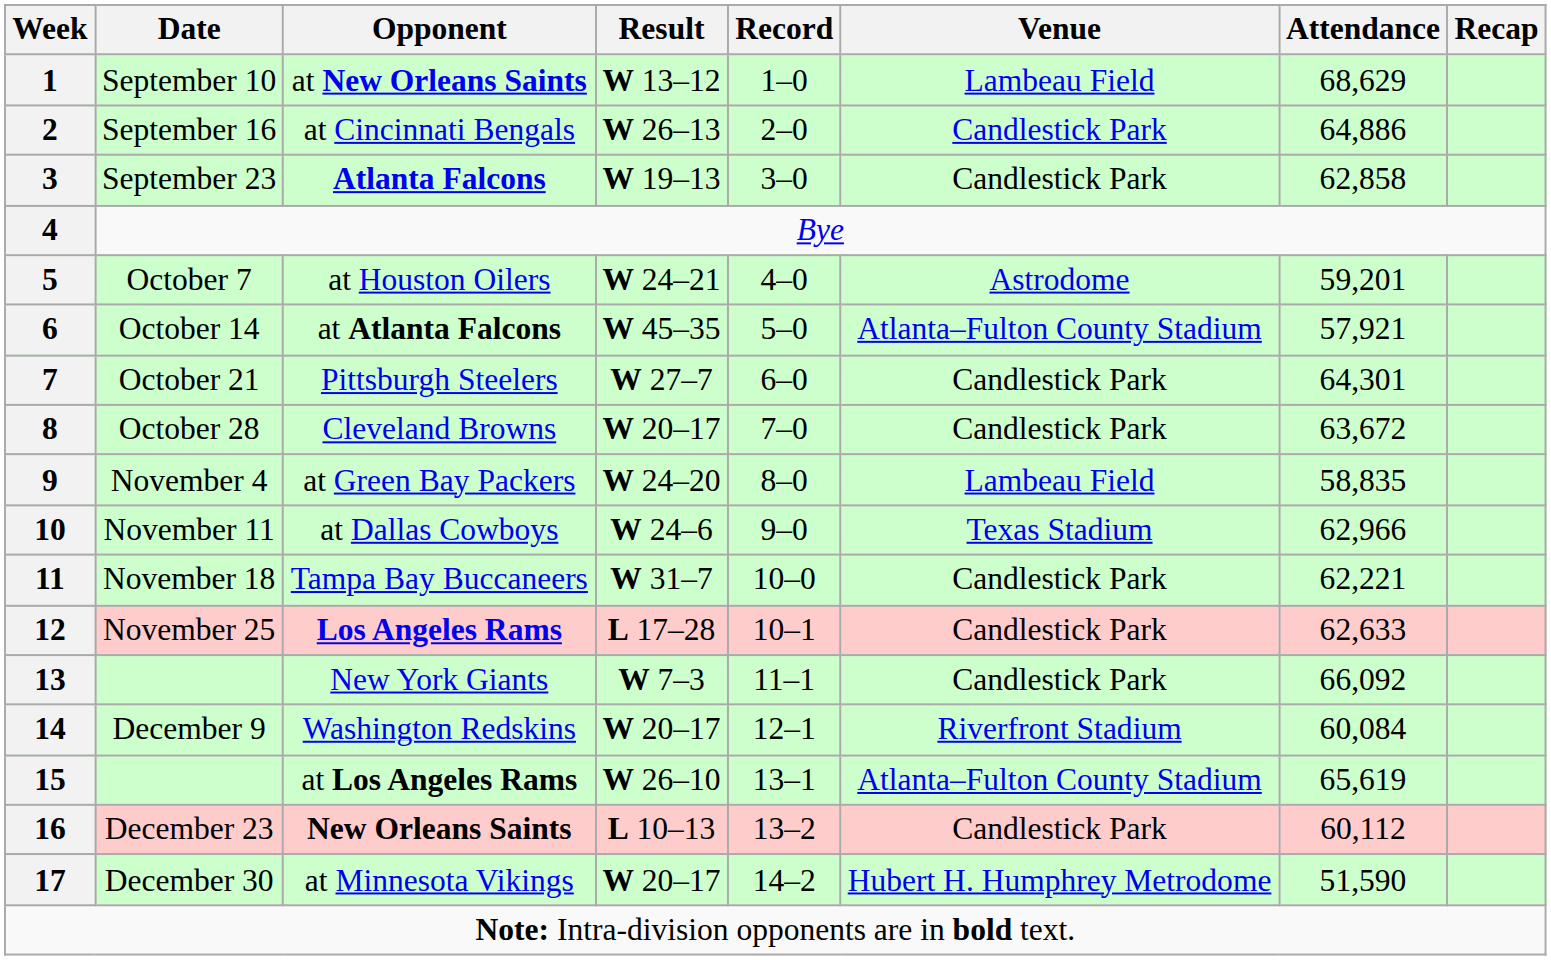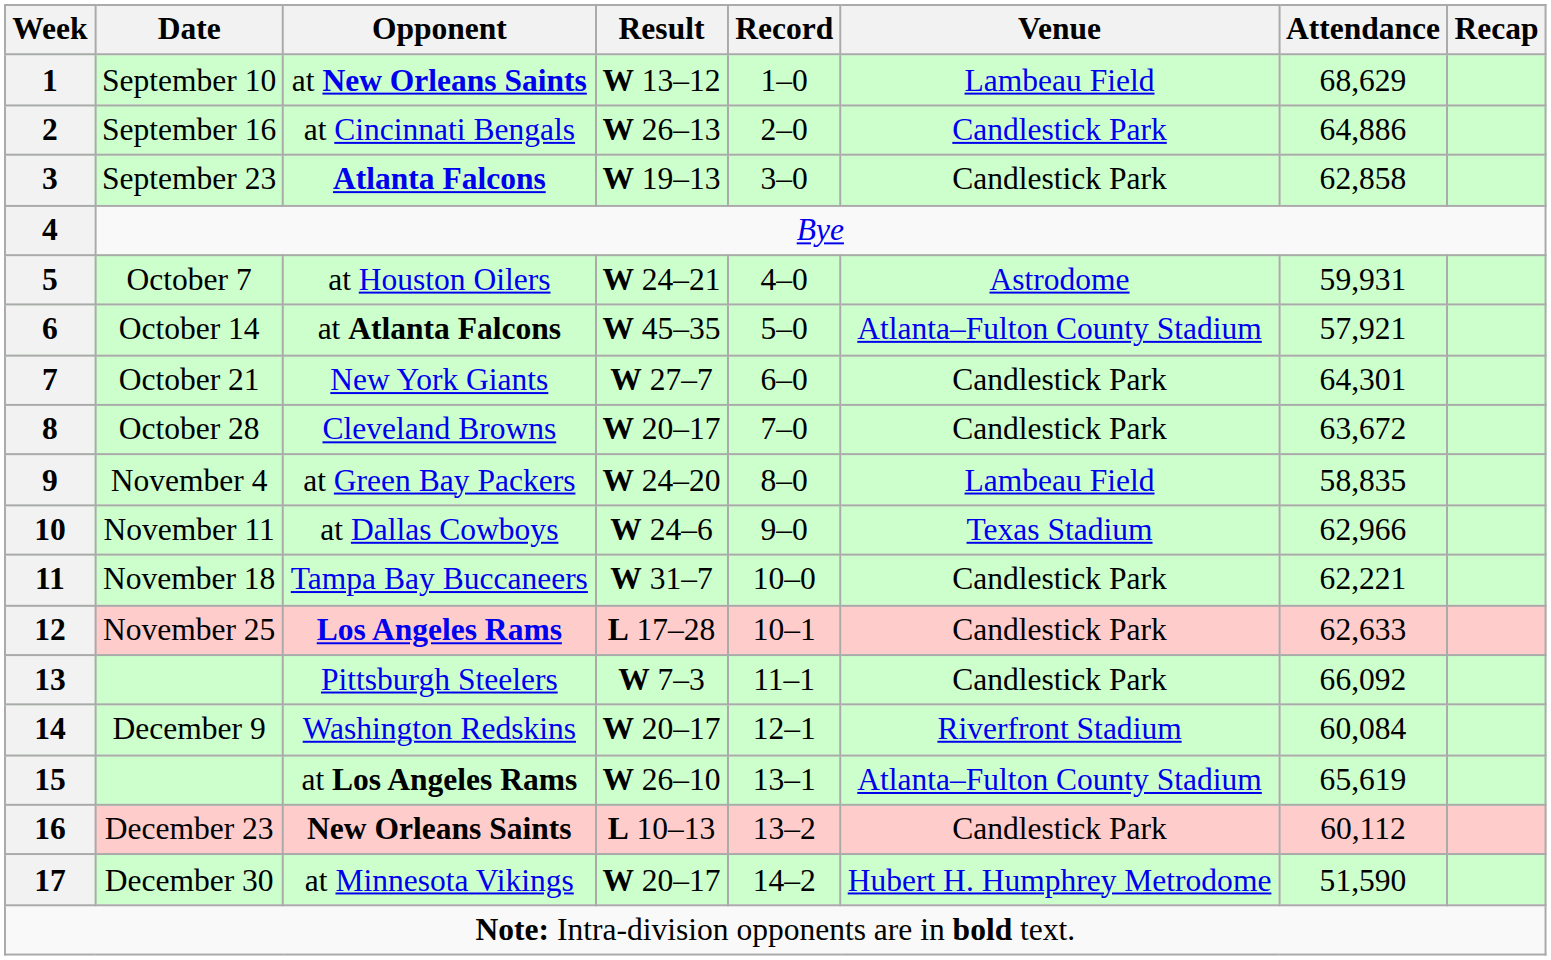 <table class="wikitable" style="text-align:center">
 <tr>
 <th>Week</th>
 <th>Date</th>
 <th>Opponent</th>
 <th>Result</th>
 <th>Record</th>
 <th>Venue</th>
 <th>Attendance</th>
 <th>Recap</th>
 </tr>
 <tr style="background:#cfc">
 <th>1</th>
 <td>September 10</td>
 <td>at <strong><a href='#'>New Orleans Saints</a></strong></td>
 <td><strong>W</strong> 13–12</td>
 <td>1–0</td>
 <td><a href='#'>Lambeau Field</a></td>
 <td>68,629</td>
 <td></td>
 </tr>
 <tr style="background:#cfc">
 <th>2</th>
 <td>September 16</td>
 <td>at <a href='#'>Cincinnati Bengals</a></td>
 <td><strong>W</strong> 26–13</td>
 <td>2–0</td>
 <td><a href='#'>Candlestick Park</a></td>
 <td>64,886</td>
 <td></td>
 </tr>
 <tr style="background:#cfc">
 <th>3</th>
 <td>September 23</td>
 <td><strong><a href='#'>Atlanta Falcons</a></strong></td>
 <td><strong>W</strong> 19–13</td>
 <td>3–0</td>
 <td>Candlestick Park</td>
 <td>62,858</td>
 <td></td>
 </tr>
 <tr>
 <th>4</th>
 <td colspan="7"><em><a href='#'>Bye</a></em></td>
 </tr>
 <tr style="background:#cfc">
 <th>5</th>
 <td>October 7</td>
 <td>at <a href='#'>Houston Oilers</a></td>
 <td><strong>W</strong> 24–21</td>
 <td>4–0</td>
 <td><a href='#'>Astrodome</a></td>
-<td>59,201</td>
+<td>59,931</td>
 <td></td>
 </tr>
 <tr style="background:#cfc">
 <th>6</th>
 <td>October 14</td>
 <td>at <strong>Atlanta Falcons</strong></td>
 <td><strong>W</strong> 45–35</td>
 <td>5–0</td>
 <td><a href='#'>Atlanta–Fulton County Stadium</a></td>
 <td>57,921</td>
 <td></td>
 </tr>
 <tr style="background:#cfc">
 <th>7</th>
 <td>October 21</td>
-<td><a href='#'>Pittsburgh Steelers</a></td>
+<td><a href='#'>New York Giants</a></td>
 <td><strong>W</strong> 27–7</td>
 <td>6–0</td>
 <td>Candlestick Park</td>
 <td>64,301</td>
 <td></td>
 </tr>
 <tr style="background:#cfc">
 <th>8</th>
 <td>October 28</td>
 <td><a href='#'>Cleveland Browns</a></td>
 <td><strong>W</strong> 20–17</td>
 <td>7–0</td>
 <td>Candlestick Park</td>
 <td>63,672</td>
 <td></td>
 </tr>
 <tr style="background:#cfc">
 <th>9</th>
 <td>November 4</td>
 <td>at <a href='#'>Green Bay Packers</a></td>
 <td><strong>W</strong> 24–20</td>
 <td>8–0</td>
 <td><a href='#'>Lambeau Field</a></td>
 <td>58,835</td>
 <td></td>
 </tr>
 <tr style="background:#cfc">
 <th>10</th>
 <td>November 11</td>
 <td>at <a href='#'>Dallas Cowboys</a></td>
 <td><strong>W</strong> 24–6</td>
 <td>9–0</td>
 <td><a href='#'>Texas Stadium</a></td>
 <td>62,966</td>
 <td></td>
 </tr>
 <tr style="background:#cfc">
 <th>11</th>
 <td>November 18</td>
 <td><a href='#'>Tampa Bay Buccaneers</a></td>
 <td><strong>W</strong> 31–7</td>
 <td>10–0</td>
 <td>Candlestick Park</td>
 <td>62,221</td>
 <td></td>
 </tr>
 <tr style="background:#fcc">
 <th>12</th>
 <td>November 25</td>
 <td><strong><a href='#'>Los Angeles Rams</a></strong></td>
 <td><strong>L</strong> 17–28</td>
 <td>10–1</td>
 <td>Candlestick Park</td>
 <td>62,633</td>
 <td></td>
 </tr>
 <tr style="background:#cfc">
 <th>13</th>
 <td></td>
-<td><a href='#'>New York Giants</a></td>
+<td><a href='#'>Pittsburgh Steelers</a></td>
 <td><strong>W</strong> 7–3</td>
 <td>11–1</td>
 <td>Candlestick Park</td>
 <td>66,092</td>
 <td></td>
 </tr>
 <tr style="background:#cfc">
 <th>14</th>
 <td>December 9</td>
 <td><a href='#'>Washington Redskins</a></td>
 <td><strong>W</strong> 20–17 </td>
 <td>12–1</td>
 <td><a href='#'>Riverfront Stadium</a></td>
 <td>60,084</td>
 <td></td>
 </tr>
 <tr style="background:#cfc">
 <th>15</th>
 <td></td>
 <td>at <strong>Los Angeles Rams</strong></td>
 <td><strong>W</strong> 26–10</td>
 <td>13–1</td>
 <td><a href='#'>Atlanta–Fulton County Stadium</a></td>
 <td>65,619</td>
 <td></td>
 </tr>
 <tr style="background:#fcc">
 <th>16</th>
 <td>December 23</td>
 <td><strong>New Orleans Saints</strong></td>
 <td><strong>L</strong> 10–13</td>
 <td>13–2</td>
 <td>Candlestick Park</td>
 <td>60,112</td>
 <td></td>
 </tr>
 <tr style="background:#cfc">
 <th>17</th>
 <td>December 30</td>
 <td>at <a href='#'>Minnesota Vikings</a></td>
 <td><strong>W</strong> 20–17</td>
 <td>14–2</td>
 <td><a href='#'>Hubert H. Humphrey Metrodome</a></td>
 <td>51,590</td>
 <td></td>
 </tr>
 <tr>
 <td colspan="8"><strong>Note:</strong> Intra-division opponents are in <strong>bold</strong> text.</td>
 </tr>
 </table>
